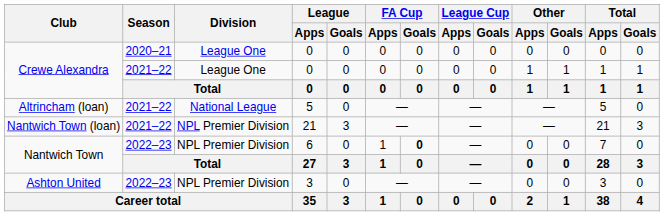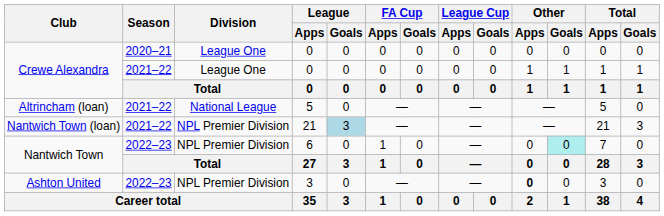 <table class="wikitable" style="text-align:center;">
 <tr>
 <th rowspan="2">Club</th>
 <th rowspan="2">Season</th>
 <th rowspan="2">Division</th>
 <th colspan="2">League</th>
 <th colspan="2"><a href='#'>FA Cup</a></th>
 <th colspan="2"><a href='#'>League Cup</a></th>
 <th colspan="2">Other</th>
 <th colspan="2">Total</th>
 </tr>
 <tr>
 <th>Apps</th>
 <th>Goals</th>
 <th>Apps</th>
 <th>Goals</th>
 <th>Apps</th>
 <th>Goals</th>
 <th>Apps</th>
 <th>Goals</th>
 <th>Apps</th>
 <th>Goals</th>
 </tr>
 <tr>
 <td rowspan="3"><a href='#'>Crewe Alexandra</a></td>
 <td><a href='#'>2020–21</a></td>
 <td><a href='#'>League One</a></td>
 <td>0</td>
 <td>0</td>
 <td>0</td>
 <td>0</td>
 <td>0</td>
 <td>0</td>
 <td>0</td>
 <td>0</td>
 <td>0</td>
 <td>0</td>
 </tr>
 <tr>
 <td><a href='#'>2021–22</a></td>
 <td>League One</td>
 <td>0</td>
 <td>0</td>
 <td>0</td>
 <td>0</td>
 <td>0</td>
 <td>0</td>
 <td>1</td>
 <td>1</td>
 <td>1</td>
 <td>1</td>
 </tr>
 <tr>
 <th colspan="2">Total</th>
 <th>0</th>
 <th>0</th>
 <th>0</th>
 <th>0</th>
 <th>0</th>
 <th>0</th>
 <th>1</th>
 <th>1</th>
 <th>1</th>
 <th>1</th>
 </tr>
 <tr>
 <td><a href='#'>Altrincham</a> (loan)</td>
 <td><a href='#'>2021–22</a></td>
 <td><a href='#'>National League</a></td>
 <td>5</td>
 <td>0</td>
 <td colspan="2">—</td>
 <td colspan="2">—</td>
 <td colspan="2">—</td>
 <td>5</td>
 <td>0</td>
 </tr>
 <tr>
 <td><a href='#'>Nantwich Town</a> (loan)</td>
 <td><a href='#'>2021–22</a></td>
 <td><a href='#'>NPL</a> Premier Division</td>
 <td>21</td>
-<td>3</td>
+<td style="background: lightblue;">3</td>
 <td colspan="2">—</td>
 <td colspan="2">—</td>
 <td colspan="2">—</td>
 <td>21</td>
 <td>3</td>
 </tr>
 <tr>
 <td rowspan="2">Nantwich Town</td>
 <td><a href='#'>2022–23</a></td>
 <td>NPL Premier Division</td>
 <td>6</td>
 <td>0</td>
 <td>1</td>
-<td><strong>0</strong></td>
+<td>0</td>
 <td colspan="2">—</td>
 <td>0</td>
-<td>0</td>
+<td style="background: paleturquoise;">0</td>
 <td>7</td>
 <td>0</td>
 </tr>
 <tr>
 <th colspan="2">Total</th>
 <th>27</th>
 <th>3</th>
 <th>1</th>
 <th>0</th>
 <th colspan="2">—</th>
 <th>0</th>
 <th>0</th>
 <th>28</th>
 <th>3</th>
 </tr>
 <tr>
 <td><a href='#'>Ashton United</a></td>
 <td><a href='#'>2022–23</a></td>
 <td>NPL Premier Division</td>
 <td>3</td>
 <td>0</td>
 <td colspan="2">—</td>
 <td colspan="2">—</td>
-<td>0</td>
+<td><strong>0</strong></td>
 <td>0</td>
 <td>3</td>
 <td>0</td>
 </tr>
 <tr>
 <th colspan="3">Career total</th>
 <th>35</th>
 <th>3</th>
 <th>1</th>
 <th>0</th>
 <th>0</th>
 <th>0</th>
 <th>2</th>
 <th>1</th>
 <th>38</th>
 <th>4</th>
 </tr>
 </table>
